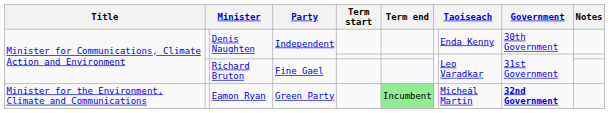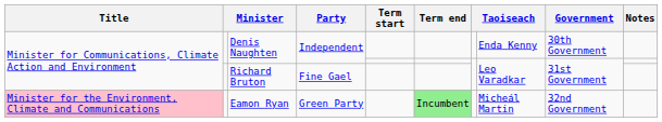 <table class="wikitable sortable">
 <tr>
 <th>Title</th>
 <th colspan=2><a href='#'>Minister</a></th>
 <th><a href='#'>Party</a></th>
 <th>Term start</th>
 <th>Term end</th>
 <th colspan=2><a href='#'>Taoiseach</a></th>
 <th><a href='#'>Government</a></th>
 <th class="unsortable">Notes</th>
 </tr>
 <tr>
 <td rowspan=3><a href='#'>Minister for Communications, Climate Action and Environment</a></td>
 <td rowspan=2 bgcolor=></td>
 <td rowspan=2><a href='#'>Denis Naughten</a></td>
 <td rowspan=2><a href='#'>Independent</a></td>
 <td></td>
 <td></td>
 <td style="color:inherit;background:"></td>
 <td><a href='#'>Enda Kenny</a></td>
 <td><a href='#'>30th Government</a></td>
 <td></td>
 </tr>
 <tr>
 <td></td>
 <td></td>
 <td rowspan=2 bgcolor=></td>
 <td rowspan=2><a href='#'>Leo Varadkar</a></td>
 <td rowspan=2><a href='#'>31st Government</a></td>
 <td></td>
 </tr>
 <tr>
 <td style="color:inherit;background:"></td>
 <td><a href='#'>Richard Bruton</a></td>
 <td><a href='#'>Fine Gael</a></td>
 <td></td>
 <td></td>
 <td></td>
 </tr>
 <tr>
-<td><a href='#'>Minister for the Environment, Climate and Communications</a></td>
+<td style="background: pink;"><a href='#'>Minister for the Environment, Climate and Communications</a></td>
 <td style="color:inherit;background:"></td>
 <td><a href='#'>Eamon Ryan</a></td>
 <td><a href='#'>Green Party</a></td>
 <td></td>
 <td style="background: lightgreen;">Incumbent</td>
 <td style="color:inherit;background:"></td>
 <td><a href='#'>Micheál Martin</a></td>
-<td><strong><a href='#'>32nd Government</a></strong></td>
+<td><a href='#'>32nd Government</a></td>
 <td></td>
 </tr>
 </table>
